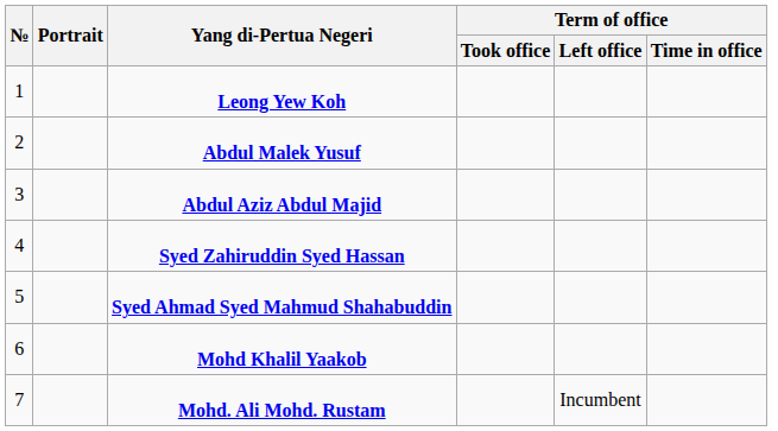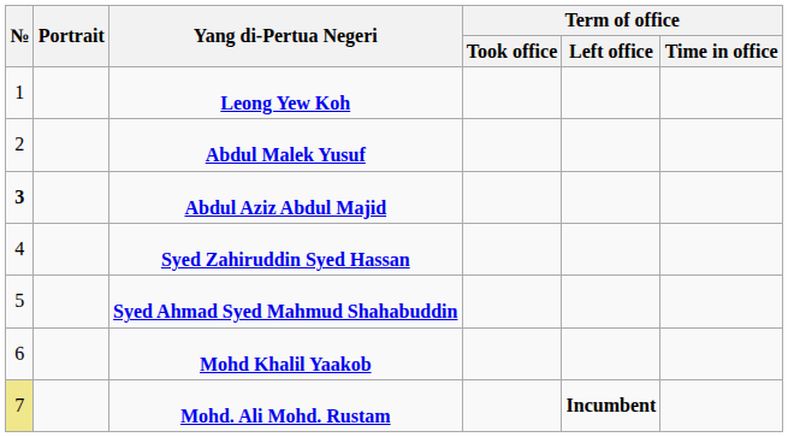 <table class="wikitable" style="text-align:center">
 <tr style="background:#cccccc">
 <th rowspan=2>№</th>
 <th rowspan=2>Portrait</th>
 <th rowspan=2>Yang di-Pertua Negeri<br></th>
 <th colspan=3>Term of office</th>
 </tr>
 <tr>
 <th>Took office</th>
 <th>Left office</th>
 <th>Time in office</th>
 </tr>
 <tr>
 <td>1</td>
 <td></td>
 <td><br><strong><a href='#'>Leong Yew Koh</a></strong><br></td>
 <td></td>
 <td></td>
 <td></td>
 </tr>
 <tr>
 <td>2</td>
 <td></td>
 <td><br><strong><a href='#'>Abdul Malek Yusuf</a></strong><br></td>
 <td></td>
 <td></td>
 <td></td>
 </tr>
 <tr>
-<td>3</td>
+<td><strong>3</strong></td>
 <td></td>
 <td><br><strong><a href='#'>Abdul Aziz Abdul Majid</a></strong><br></td>
 <td></td>
 <td></td>
 <td></td>
 </tr>
 <tr>
 <td>4</td>
 <td></td>
 <td><br><strong><a href='#'>Syed Zahiruddin Syed Hassan</a></strong><br></td>
 <td></td>
 <td></td>
 <td></td>
 </tr>
 <tr>
 <td>5</td>
 <td></td>
 <td><br><strong><a href='#'>Syed Ahmad Syed Mahmud Shahabuddin</a></strong><br></td>
 <td></td>
 <td></td>
 <td></td>
 </tr>
 <tr>
 <td>6</td>
 <td></td>
 <td><br><strong><a href='#'>Mohd Khalil Yaakob</a></strong><br></td>
 <td></td>
 <td></td>
 <td></td>
 </tr>
 <tr>
-<td>7</td>
+<td style="background: khaki;">7</td>
 <td></td>
 <td><br><strong><a href='#'>Mohd. Ali Mohd. Rustam</a></strong><br></td>
 <td></td>
-<td>Incumbent</td>
+<td><strong>Incumbent</strong></td>
 <td></td>
 </tr>
 </table>
